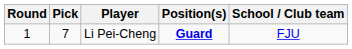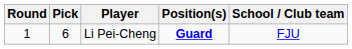 <table class="wikitable sortable sortable">
 <tr>
 <th>Round</th>
 <th>Pick</th>
 <th>Player</th>
 <th>Position(s)</th>
 <th>School / Club team</th>
 </tr>
 <tr style="text-align: center">
 <td>1</td>
-<td>7</td>
+<td>6</td>
 <td>Li Pei-Cheng</td>
 <td><strong><a href='#'>Guard</a></strong></td>
 <td><a href='#'>FJU</a></td>
 </tr>
 </table>
